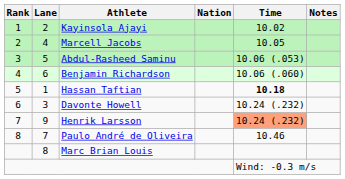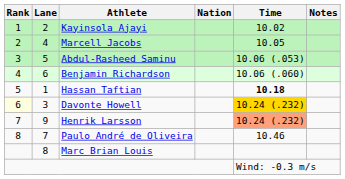 <table class="wikitable sortable" style="text-align:center;">
 <tr>
 <th scope="col">Rank</th>
 <th scope="col">Lane</th>
 <th scope="col">Athlete</th>
 <th scope="col">Nation</th>
 <th scope="col">Time</th>
 <th scope="col">Notes</th>
 </tr>
 <tr bgcolor="#bbf3bb">
 <td>1</td>
 <td>2</td>
 <td align=left><a href='#'>Kayinsola Ajayi</a></td>
 <td align=left></td>
 <td>10.02</td>
 <td></td>
 </tr>
 <tr bgcolor="#bbf3bb">
 <td>2</td>
 <td>4</td>
 <td align=left><a href='#'>Marcell Jacobs</a></td>
 <td align=left></td>
 <td>10.05</td>
 <td></td>
 </tr>
 <tr bgcolor="#bbf3bb">
 <td>3</td>
 <td>5</td>
 <td align=left><a href='#'>Abdul-Rasheed Saminu</a></td>
 <td align=left></td>
 <td>10.06 (.053)</td>
 <td></td>
 </tr>
 <tr bgcolor="#ddffdd">
 <td>4</td>
 <td>6</td>
 <td align=left><a href='#'>Benjamin Richardson</a></td>
 <td align=left></td>
 <td>10.06 (.060)</td>
 <td></td>
 </tr>
 <tr>
 <td>5</td>
 <td>1</td>
 <td align=left><a href='#'>Hassan Taftian</a></td>
 <td align=left></td>
 <td><strong>10.18</strong></td>
 <td></td>
 </tr>
 <tr>
-<td>6</td>
+<td style="background: lightyellow;">6</td>
 <td>3</td>
 <td align=left><a href='#'>Davonte Howell</a></td>
 <td align=left></td>
-<td>10.24 (.232)</td>
+<td style="background: gold;">10.24 (.232)</td>
 <td></td>
 </tr>
 <tr>
 <td>7</td>
 <td>9</td>
 <td align=left><a href='#'>Henrik Larsson</a></td>
 <td align=left></td>
 <td style="background: lightsalmon;">10.24 (.232)</td>
 <td></td>
 </tr>
 <tr>
 <td>8</td>
 <td>7</td>
 <td align=left><a href='#'>Paulo André de Oliveira</a></td>
 <td align=left></td>
 <td>10.46</td>
 <td></td>
 </tr>
 <tr>
 <td></td>
 <td>8</td>
 <td align=left><a href='#'>Marc Brian Louis</a></td>
 <td align=left></td>
 <td></td>
 <td></td>
 </tr>
 <tr class="sortbottom">
 <td colspan="4"></td>
 <td colspan="2" style="text-align:left;">Wind: -0.3 m/s</td>
 </tr>
 </table>
